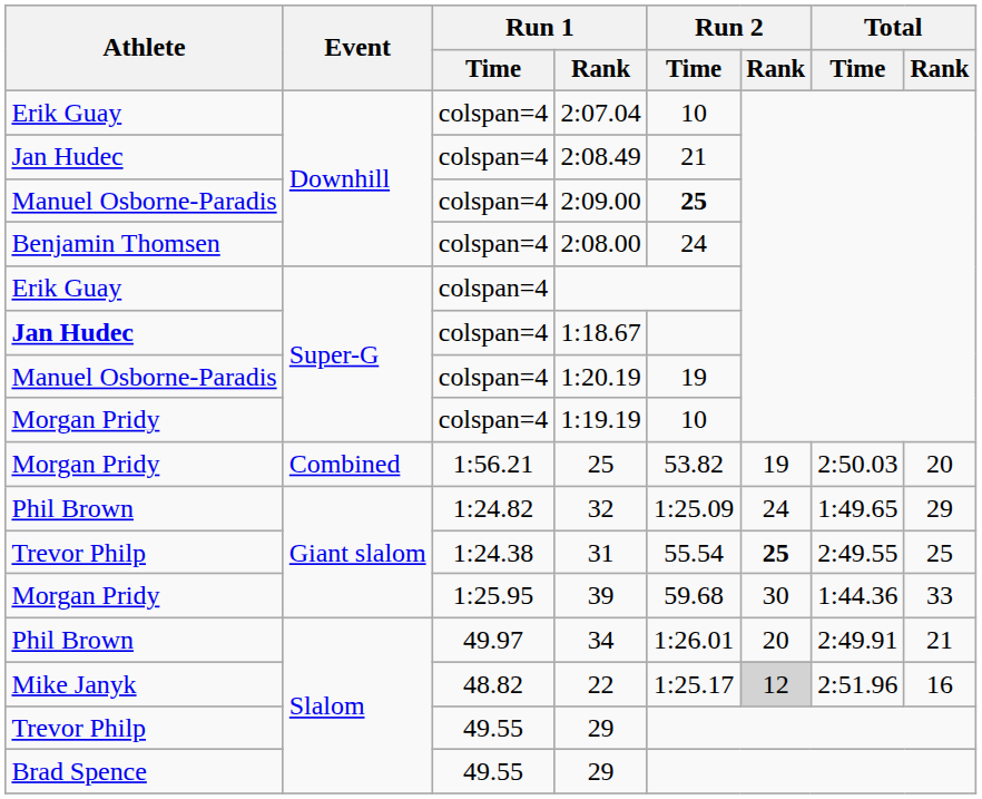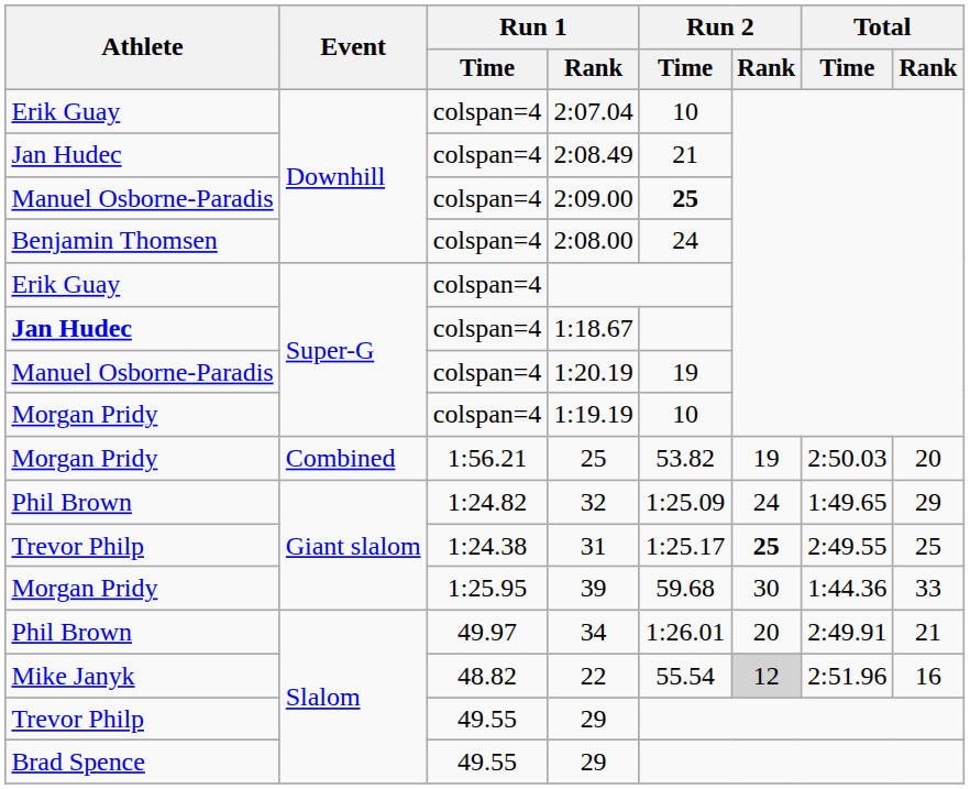 <table class="wikitable" style="font-size:90%">
 <tr>
 <th rowspan=2>Athlete</th>
 <th rowspan=2>Event</th>
 <th colspan=2>Run 1</th>
 <th colspan=2>Run 2</th>
 <th colspan=2>Total</th>
 </tr>
 <tr style="font-size:95%">
 <th>Time</th>
 <th>Rank</th>
 <th>Time</th>
 <th>Rank</th>
 <th>Time</th>
 <th>Rank</th>
 </tr>
 <tr align=center>
 <td align=left><a href='#'>Erik Guay</a></td>
 <td align=left rowspan=4><a href='#'>Downhill</a></td>
 <td>colspan=4 </td>
 <td>2:07.04</td>
 <td>10</td>
 </tr>
 <tr align=center>
 <td align=left><a href='#'>Jan Hudec</a></td>
 <td>colspan=4 </td>
 <td>2:08.49</td>
 <td>21</td>
 </tr>
 <tr align=center>
 <td align=left><a href='#'>Manuel Osborne-Paradis</a></td>
 <td>colspan=4 </td>
 <td>2:09.00</td>
 <td><strong>25</strong></td>
 </tr>
 <tr align=center>
 <td align=left><a href='#'>Benjamin Thomsen</a></td>
 <td>colspan=4 </td>
 <td>2:08.00</td>
 <td>24</td>
 </tr>
 <tr align=center>
 <td align=left><a href='#'>Erik Guay</a></td>
 <td align=left rowspan=4><a href='#'>Super-G</a></td>
 <td>colspan=4 </td>
 <td colspan=2></td>
 </tr>
 <tr align=center>
 <td align=left><strong><a href='#'>Jan Hudec</a></strong></td>
 <td>colspan=4 </td>
 <td>1:18.67</td>
 <td></td>
 </tr>
 <tr align=center>
 <td align=left><a href='#'>Manuel Osborne-Paradis</a></td>
 <td>colspan=4 </td>
 <td>1:20.19</td>
 <td>19</td>
 </tr>
 <tr align=center>
 <td align=left><a href='#'>Morgan Pridy</a></td>
 <td>colspan=4 </td>
 <td>1:19.19</td>
 <td>10</td>
 </tr>
 <tr align=center>
 <td align=left><a href='#'>Morgan Pridy</a></td>
 <td align=left><a href='#'>Combined</a></td>
 <td>1:56.21</td>
 <td>25</td>
 <td>53.82</td>
 <td>19</td>
 <td>2:50.03</td>
 <td>20</td>
 </tr>
 <tr align=center>
 <td align=left><a href='#'>Phil Brown</a></td>
 <td align=left rowspan=3><a href='#'>Giant slalom</a></td>
 <td>1:24.82</td>
 <td>32</td>
 <td>1:25.09</td>
 <td>24</td>
 <td>1:49.65</td>
 <td>29</td>
 </tr>
 <tr align=center>
 <td align=left><a href='#'>Trevor Philp</a></td>
 <td>1:24.38</td>
 <td>31</td>
-<td>55.54</td>
+<td>1:25.17</td>
 <td><strong>25</strong></td>
 <td>2:49.55</td>
 <td>25</td>
 </tr>
 <tr align=center>
 <td align=left><a href='#'>Morgan Pridy</a></td>
 <td>1:25.95</td>
 <td>39</td>
 <td>59.68</td>
 <td>30</td>
 <td>1:44.36</td>
 <td>33</td>
 </tr>
 <tr align=center>
 <td align=left><a href='#'>Phil Brown</a></td>
 <td align=left rowspan=4><a href='#'>Slalom</a></td>
 <td>49.97</td>
 <td>34</td>
 <td>1:26.01</td>
 <td>20</td>
 <td>2:49.91</td>
 <td>21</td>
 </tr>
 <tr align=center>
 <td align=left><a href='#'>Mike Janyk</a></td>
 <td>48.82</td>
 <td>22</td>
-<td>1:25.17</td>
+<td>55.54</td>
 <td style="background: lightgrey;">12</td>
 <td>2:51.96</td>
 <td>16</td>
 </tr>
 <tr align=center>
 <td align=left><a href='#'>Trevor Philp</a></td>
 <td>49.55</td>
 <td>29</td>
 <td colspan=4></td>
 </tr>
 <tr align=center>
 <td align=left><a href='#'>Brad Spence</a></td>
 <td>49.55</td>
 <td>29</td>
 <td colspan=4></td>
 </tr>
 </table>
